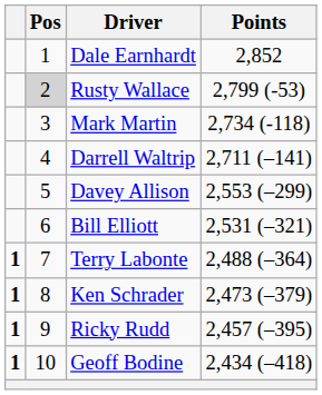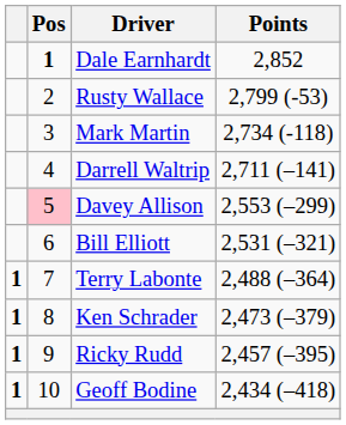 <table class="wikitable" style="font-size: 95%;">
 <tr>
 <th></th>
 <th>Pos</th>
 <th>Driver</th>
 <th>Points</th>
 </tr>
 <tr>
 <td align="left"></td>
-<td style="text-align:center;">1</td>
+<td style="text-align:center;"><strong>1</strong></td>
 <td><a href='#'>Dale Earnhardt</a></td>
 <td style="text-align:center;">2,852</td>
 </tr>
 <tr>
 <td align="left"></td>
-<td style="background: lightgrey; text-align:center;">2</td>
+<td style="text-align:center;">2</td>
 <td><a href='#'>Rusty Wallace</a></td>
 <td style="text-align:center;">2,799 (-53)</td>
 </tr>
 <tr>
 <td align="left"></td>
 <td style="text-align:center;">3</td>
 <td><a href='#'>Mark Martin</a></td>
 <td style="text-align:center;">2,734 (-118)</td>
 </tr>
 <tr>
 <td align="left"></td>
 <td style="text-align:center;">4</td>
 <td><a href='#'>Darrell Waltrip</a></td>
 <td style="text-align:center;">2,711 (–141)</td>
 </tr>
 <tr>
 <td align="left"></td>
-<td style="text-align:center;">5</td>
+<td style="background: pink; text-align:center;">5</td>
 <td><a href='#'>Davey Allison</a></td>
 <td style="text-align:center;">2,553 (–299)</td>
 </tr>
 <tr>
 <td align="left"></td>
 <td style="text-align:center;">6</td>
 <td><a href='#'>Bill Elliott</a></td>
 <td style="text-align:center;">2,531 (–321)</td>
 </tr>
 <tr>
 <td align="left">  <strong>1</strong></td>
 <td style="text-align:center;">7</td>
 <td><a href='#'>Terry Labonte</a></td>
 <td style="text-align:center;">2,488 (–364)</td>
 </tr>
 <tr>
 <td align="left">  <strong>1</strong></td>
 <td style="text-align:center;">8</td>
 <td><a href='#'>Ken Schrader</a></td>
 <td style="text-align:center;">2,473 (–379)</td>
 </tr>
 <tr>
 <td align="left">  <strong>1</strong></td>
 <td style="text-align:center;">9</td>
 <td><a href='#'>Ricky Rudd</a></td>
 <td style="text-align:center;">2,457 (–395)</td>
 </tr>
 <tr>
 <td align="left">  <strong>1</strong></td>
 <td style="text-align:center;">10</td>
 <td><a href='#'>Geoff Bodine</a></td>
 <td style="text-align:center;">2,434 (–418)</td>
 </tr>
 <tr class="sortbottom">
 <th colspan="9"></th>
 </tr>
 </table>
